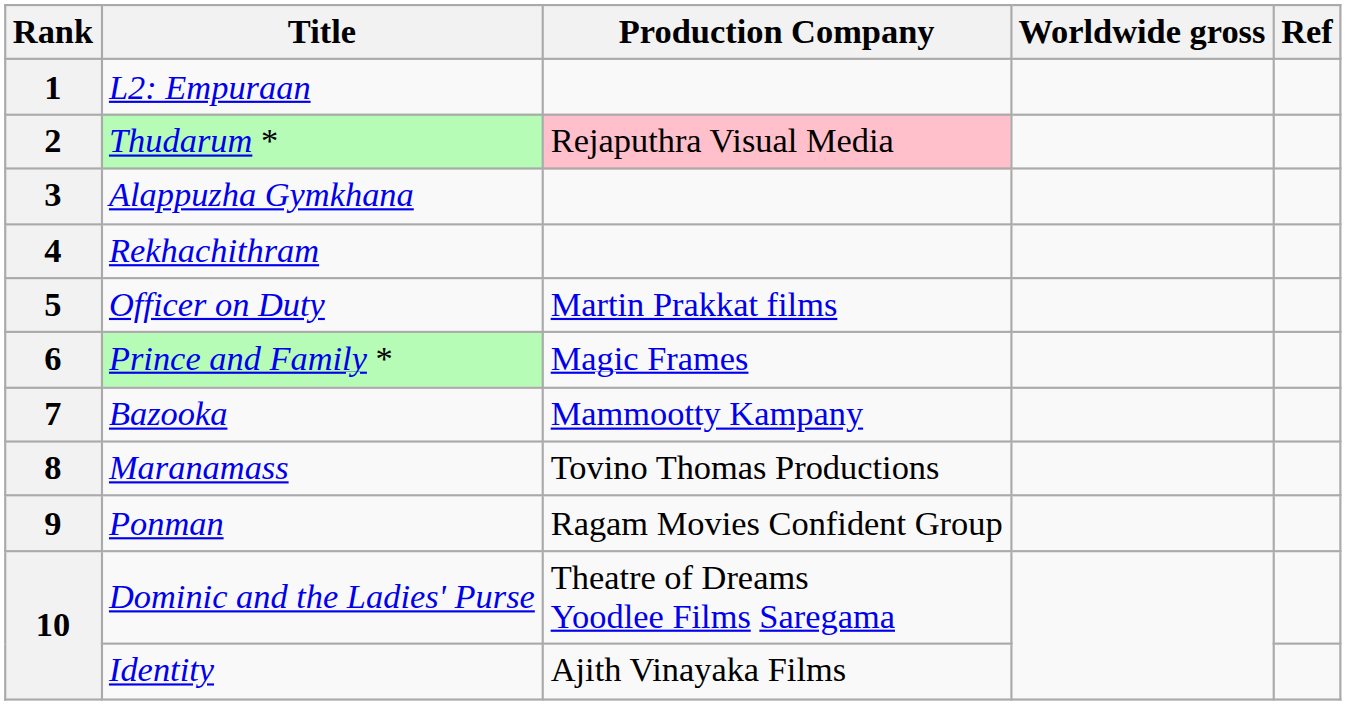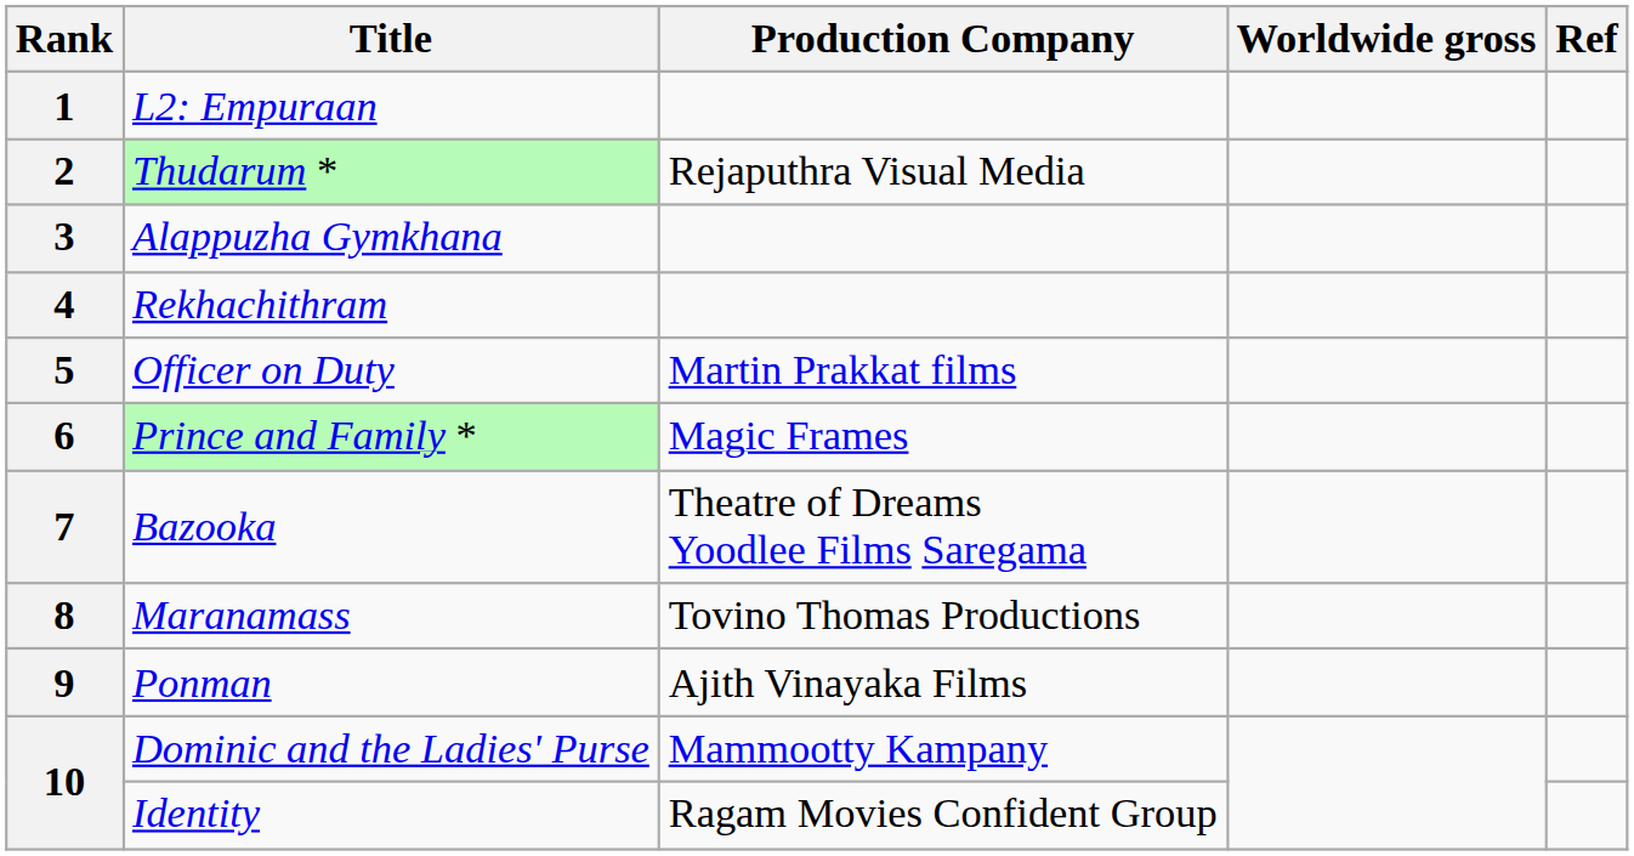 <table class="wikitable sortable" style=" margin:auto;">
 <tr>
 <th>Rank</th>
 <th>Title</th>
 <th>Production Company</th>
 <th>Worldwide gross</th>
 <th>Ref</th>
 </tr>
 <tr>
 <th>1</th>
 <td><em><a href='#'>L2: Empuraan</a></em></td>
 <td></td>
 <td align="right"></td>
 <td align="center"></td>
 </tr>
 <tr>
 <th>2</th>
 <td style="background:#b6fcb6;"><em><a href='#'>Thudarum</a></em> *</td>
-<td style="background: pink;">Rejaputhra Visual Media</td>
+<td>Rejaputhra Visual Media</td>
 <td align="right"></td>
 <td align="center"></td>
 </tr>
 <tr>
 <th>3</th>
 <td><em><a href='#'>Alappuzha Gymkhana</a></em></td>
 <td></td>
 <td align="right"></td>
 <td align="center"></td>
 </tr>
 <tr>
 <th>4</th>
 <td><em><a href='#'>Rekhachithram</a></em></td>
 <td></td>
 <td align="right"></td>
 <td align="center"></td>
 </tr>
 <tr>
 <th>5</th>
 <td><em><a href='#'>Officer on Duty</a></em></td>
 <td><a href='#'>Martin Prakkat films</a></td>
 <td align="right"></td>
 <td align="center"></td>
 </tr>
 <tr>
 <th>6</th>
 <td style="background:#b6fcb6;"><em><a href='#'>Prince and Family</a></em> *</td>
 <td><a href='#'>Magic Frames</a></td>
 <td rowspan="1" align="right"></td>
 <td align="center"></td>
 </tr>
 <tr>
 <th>7</th>
 <td><em><a href='#'>Bazooka</a></em></td>
-<td><a href='#'>Mammootty Kampany</a></td>
+<td>Theatre of Dreams<br><a href='#'>Yoodlee Films</a> <a href='#'>Saregama</a></td>
 <td align="right"></td>
 <td align="center"></td>
 </tr>
 <tr>
 <th>8</th>
 <td><em><a href='#'>Maranamass</a></em></td>
 <td>Tovino Thomas Productions</td>
 <td align="right"></td>
 <td align="center"></td>
 </tr>
 <tr>
 <th>9</th>
 <td><em><a href='#'>Ponman</a></em></td>
-<td>Ragam Movies Confident Group</td>
+<td>Ajith Vinayaka Films</td>
 <td align="right"></td>
 <td align="center"></td>
 </tr>
 <tr>
 <th rowspan="2">10</th>
 <td><em><a href='#'>Dominic and the Ladies' Purse</a></em></td>
-<td>Theatre of Dreams<br><a href='#'>Yoodlee Films</a> <a href='#'>Saregama</a></td>
+<td><a href='#'>Mammootty Kampany</a></td>
 <td rowspan="2" align="right"></td>
 <td align="center"></td>
 </tr>
 <tr>
 <td><em><a href='#'>Identity</a></em></td>
-<td>Ajith Vinayaka Films</td>
+<td>Ragam Movies Confident Group</td>
 <td align="center"></td>
 </tr>
 </table>
